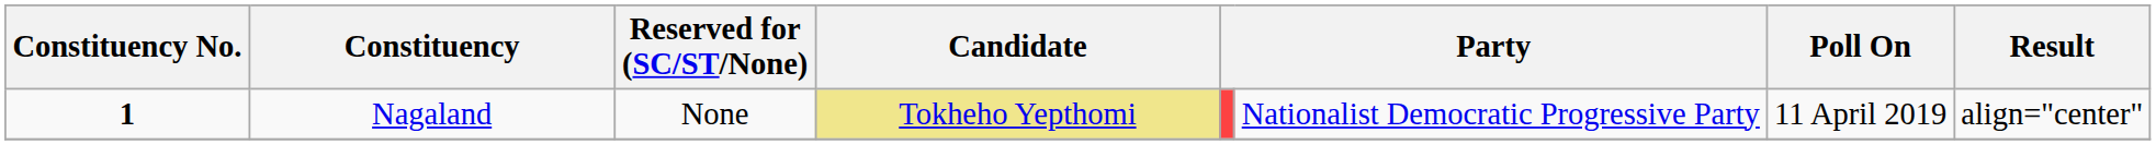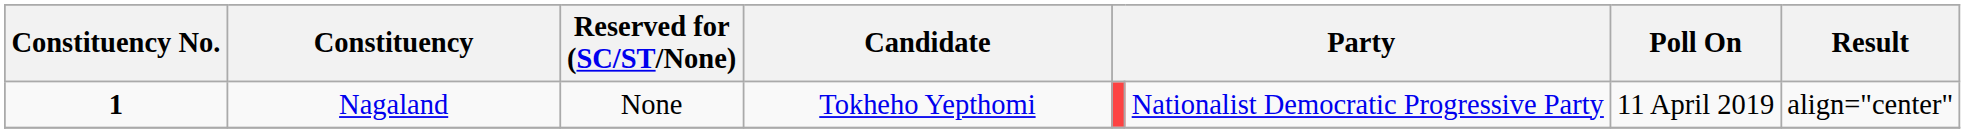 <table class="wikitable sortable" style="text-align:center;">
 <tr>
 <th>Constituency No.</th>
 <th style="width:180px;">Constituency</th>
 <th>Reserved for<br>(<a href='#'>SC/ST</a>/None)</th>
 <th style="width:200px;">Candidate</th>
 <th colspan="2">Party</th>
 <th>Poll On</th>
 <th>Result</th>
 </tr>
 <tr>
 <td align="center"><strong>1</strong></td>
 <td><a href='#'>Nagaland</a></td>
 <td align="center">None</td>
-<td style="background: khaki;"><a href='#'>Tokheho Yepthomi</a></td>
+<td><a href='#'>Tokheho Yepthomi</a></td>
 <td bgcolor=#FD4242></td>
 <td><a href='#'>Nationalist Democratic Progressive Party</a></td>
 <td align="center">11 April 2019</td>
 <td>align="center" </td>
 </tr>
 <tr>
 </tr>
 </table>
